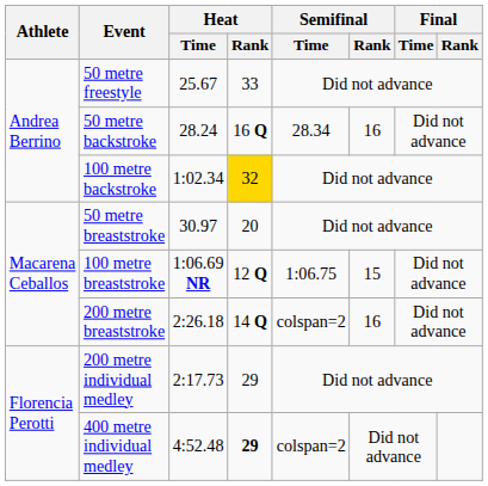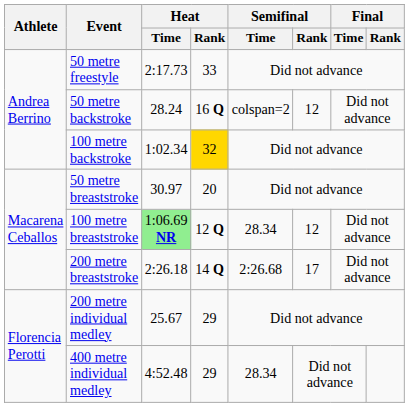 <table class="wikitable" style="text-align:center; font-size:90%; width:50%;">
 <tr>
 <th rowspan="2">Athlete</th>
 <th rowspan="2">Event</th>
 <th colspan="2">Heat</th>
 <th colspan="2">Semifinal</th>
 <th colspan="2">Final</th>
 </tr>
 <tr style="font-size:95%">
 <th>Time</th>
 <th>Rank</th>
 <th>Time</th>
 <th>Rank</th>
 <th>Time</th>
 <th>Rank</th>
 </tr>
 <tr>
 <td align=left rowspan=3><a href='#'>Andrea Berrino</a></td>
 <td align=left><a href='#'>50 metre freestyle</a></td>
-<td>25.67</td>
+<td>2:17.73</td>
 <td>33</td>
 <td colspan=4>Did not advance</td>
 </tr>
 <tr>
 <td align=left><a href='#'>50 metre backstroke</a></td>
 <td>28.24</td>
 <td>16 <strong>Q</strong></td>
-<td>28.34</td>
-<td>16</td>
+<td>colspan=2 </td>
+<td>12</td>
 <td colspan=2>Did not advance</td>
 </tr>
 <tr>
 <td align=left><a href='#'>100 metre backstroke</a></td>
 <td>1:02.34</td>
 <td style="background: gold;">32</td>
 <td colspan=4>Did not advance</td>
 </tr>
 <tr>
 <td align=left rowspan=3><a href='#'>Macarena Ceballos</a></td>
 <td align=left><a href='#'>50 metre breaststroke</a></td>
 <td>30.97</td>
 <td>20</td>
 <td colspan=4>Did not advance</td>
 </tr>
 <tr>
 <td align=left><a href='#'>100 metre breaststroke</a></td>
-<td>1:06.69 <strong><a href='#'>NR</a></strong></td>
+<td style="background: lightgreen;">1:06.69 <strong><a href='#'>NR</a></strong></td>
 <td>12 <strong>Q</strong></td>
-<td>1:06.75</td>
-<td>15</td>
+<td>28.34</td>
+<td>12</td>
 <td colspan=2>Did not advance</td>
 </tr>
 <tr>
 <td align=left><a href='#'>200 metre breaststroke</a></td>
 <td>2:26.18</td>
 <td>14 <strong>Q</strong></td>
-<td>colspan=2 </td>
-<td>16</td>
+<td>2:26.68</td>
+<td>17</td>
 <td colspan=2>Did not advance</td>
 </tr>
 <tr>
 <td align=left rowspan=2><a href='#'>Florencia Perotti</a></td>
 <td align=left><a href='#'>200 metre individual medley</a></td>
-<td>2:17.73</td>
+<td>25.67</td>
 <td>29</td>
 <td colspan=4>Did not advance</td>
 </tr>
 <tr align=center>
 <td align=left><a href='#'>400 metre individual medley</a></td>
 <td>4:52.48</td>
-<td><strong>29</strong></td>
-<td>colspan=2 </td>
+<td>29</td>
+<td>28.34</td>
 <td colspan=2>Did not advance</td>
 </tr>
 </table>
